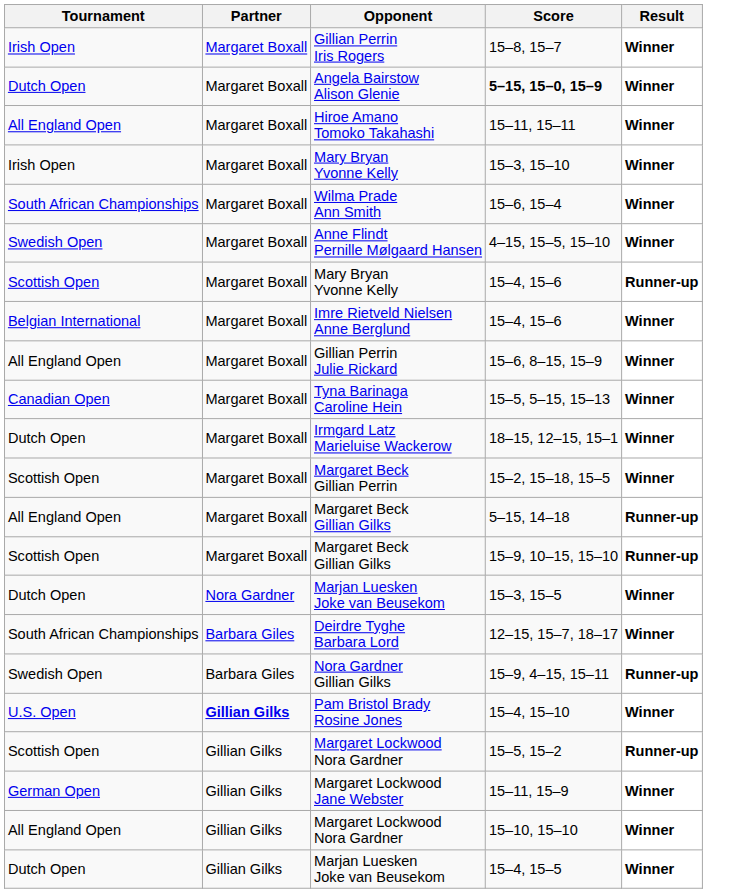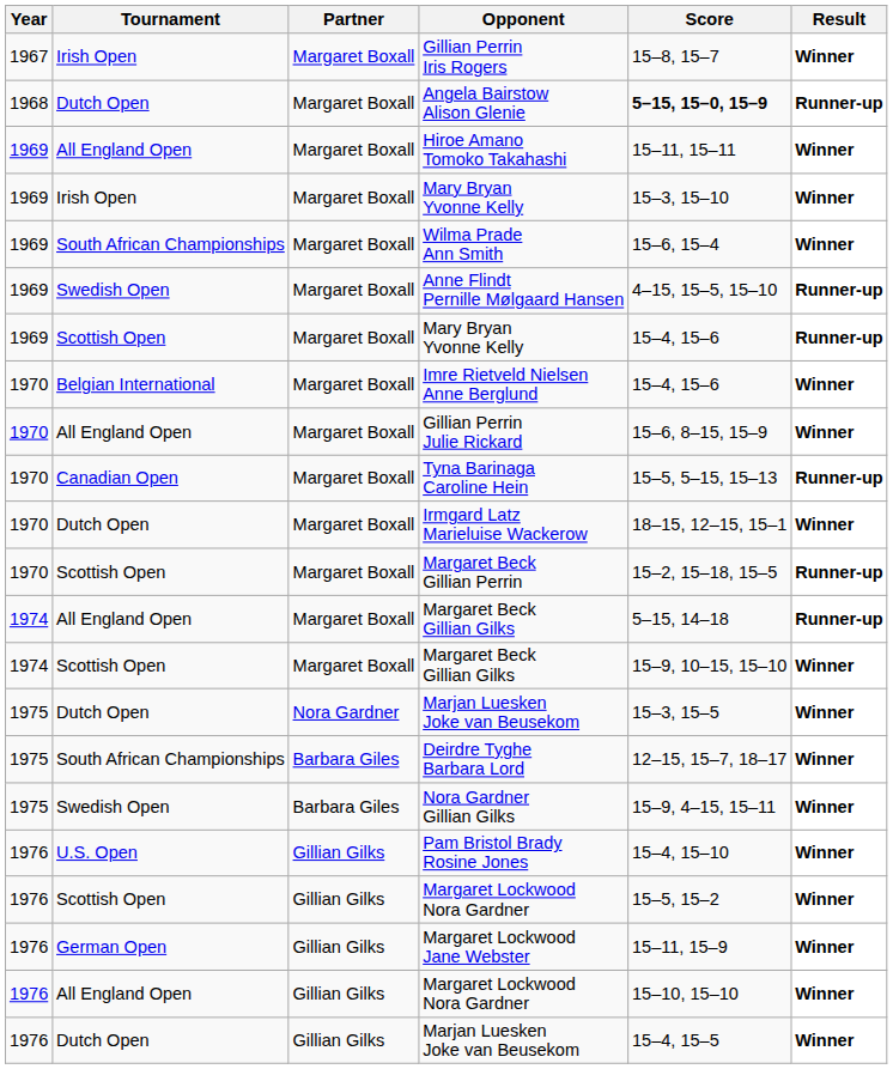 <table class="sortable wikitable" style="font-size: 90%;">
 <tr>
+<th>Year</th>
 <th>Tournament</th>
 <th>Partner</th>
 <th>Opponent</th>
 <th>Score</th>
 <th>Result</th>
 </tr>
 <tr>
+<td align="center">1967</td>
 <td align="left"><a href='#'>Irish Open</a></td>
 <td align="left"> <a href='#'>Margaret Boxall</a></td>
 <td align="left"> <a href='#'>Gillian Perrin</a> <br>  <a href='#'>Iris Rogers</a></td>
 <td align="left">15–8, 15–7</td>
 <td style="text-align:left; background:white"> <strong>Winner</strong></td>
 </tr>
 <tr>
+<td align="center">1968</td>
 <td align="left"><a href='#'>Dutch Open</a></td>
 <td align="left"> Margaret Boxall</td>
 <td align="left"> <a href='#'>Angela Bairstow</a> <br>  <a href='#'>Alison Glenie</a></td>
 <td align="left"><strong>5–15, 15–0, 15–9</strong></td>
-<td style="text-align:left; background:white"> <strong>Winner</strong></td>
+<td style="text-align:left; background:white"> <strong>Runner-up</strong></td>
 </tr>
 <tr>
+<td align="center"><a href='#'>1969</a></td>
 <td align="left"><a href='#'>All England Open</a></td>
 <td align="left"> Margaret Boxall</td>
 <td align="left"> <a href='#'>Hiroe Amano</a> <br>  <a href='#'>Tomoko Takahashi</a></td>
 <td align="left">15–11, 15–11</td>
 <td style="text-align:left; background:white"> <strong>Winner</strong></td>
 </tr>
 <tr>
+<td align="center">1969</td>
 <td align="left">Irish Open</td>
 <td align="left"> Margaret Boxall</td>
 <td align="left"> <a href='#'>Mary Bryan</a> <br>  <a href='#'>Yvonne Kelly</a></td>
 <td align="left">15–3, 15–10</td>
 <td style="text-align:left; background:white"> <strong>Winner</strong></td>
 </tr>
 <tr>
+<td align="center">1969</td>
 <td align="left"><a href='#'>South African Championships</a></td>
 <td align="left"> Margaret Boxall</td>
 <td align="left"> <a href='#'>Wilma Prade</a> <br>  <a href='#'>Ann Smith</a></td>
 <td align="left">15–6, 15–4</td>
 <td style="text-align:left; background:white"> <strong>Winner</strong></td>
 </tr>
 <tr>
+<td align="center">1969</td>
 <td align="left"><a href='#'>Swedish Open</a></td>
 <td align="left"> Margaret Boxall</td>
 <td align="left"> <a href='#'>Anne Flindt</a> <br>  <a href='#'>Pernille Mølgaard Hansen</a></td>
 <td align="left">4–15, 15–5, 15–10</td>
-<td style="text-align:left; background:white"> <strong>Winner</strong></td>
+<td style="text-align:left; background:white"> <strong>Runner-up</strong></td>
 </tr>
 <tr>
+<td align="center">1969</td>
 <td align="left"><a href='#'>Scottish Open</a></td>
 <td align="left"> Margaret Boxall</td>
 <td align="left"> Mary Bryan <br>  Yvonne Kelly</td>
 <td align="left">15–4, 15–6</td>
 <td style="text-align:left; background:white"> <strong>Runner-up</strong></td>
 </tr>
 <tr>
+<td align="center">1970</td>
 <td align="left"><a href='#'>Belgian International</a></td>
 <td align="left"> Margaret Boxall</td>
 <td align="left"> <a href='#'>Imre Rietveld Nielsen</a><br> <a href='#'>Anne Berglund</a></td>
 <td align="left">15–4, 15–6</td>
 <td style="text-align:left; background:white"> <strong>Winner</strong></td>
 </tr>
 <tr>
+<td align="center"><a href='#'>1970</a></td>
 <td align="left">All England Open</td>
 <td align="left"> Margaret Boxall</td>
 <td align="left"> Gillian Perrin <br>  <a href='#'>Julie Rickard</a></td>
 <td align="left">15–6, 8–15, 15–9</td>
 <td style="text-align:left; background:white"> <strong>Winner</strong></td>
 </tr>
 <tr>
+<td align="center">1970</td>
 <td align="left"><a href='#'>Canadian Open</a></td>
 <td align="left"> Margaret Boxall</td>
 <td align="left"> <a href='#'>Tyna Barinaga</a> <br>  <a href='#'>Caroline Hein</a></td>
 <td align="left">15–5, 5–15, 15–13</td>
-<td style="text-align:left; background:white"> <strong>Winner</strong></td>
+<td style="text-align:left; background:white"> <strong>Runner-up</strong></td>
 </tr>
 <tr>
+<td align="center">1970</td>
 <td align="left">Dutch Open</td>
 <td align="left"> Margaret Boxall</td>
 <td align="left"> <a href='#'>Irmgard Latz</a> <br>  <a href='#'>Marieluise Wackerow</a></td>
 <td align="left">18–15, 12–15, 15–1</td>
 <td style="text-align:left; background:white"> <strong>Winner</strong></td>
 </tr>
 <tr>
+<td align="center">1970</td>
 <td align="left">Scottish Open</td>
 <td align="left"> Margaret Boxall</td>
 <td align="left"> <a href='#'>Margaret Beck</a> <br>  Gillian Perrin</td>
 <td align="left">15–2, 15–18, 15–5</td>
-<td style="text-align:left; background:white"> <strong>Winner</strong></td>
+<td style="text-align:left; background:white"> <strong>Runner-up</strong></td>
 </tr>
 <tr>
+<td align="center"><a href='#'>1974</a></td>
 <td align="left">All England Open</td>
 <td align="left"> Margaret Boxall</td>
 <td align="left"> Margaret Beck <br>  <a href='#'>Gillian Gilks</a></td>
 <td align="left">5–15, 14–18</td>
 <td style="text-align:left; background:white"> <strong>Runner-up</strong></td>
 </tr>
 <tr>
+<td align="center">1974</td>
 <td align="left">Scottish Open</td>
 <td align="left"> Margaret Boxall</td>
 <td align="left"> Margaret Beck <br>  Gillian Gilks</td>
 <td align="left">15–9, 10–15, 15–10</td>
-<td style="text-align:left; background:white"> <strong>Runner-up</strong></td>
+<td style="text-align:left; background:white"> <strong>Winner</strong></td>
 </tr>
 <tr>
+<td align="center">1975</td>
 <td align="left">Dutch Open</td>
 <td align="left"> <a href='#'>Nora Gardner</a></td>
 <td align="left"> <a href='#'>Marjan Luesken</a> <br>  <a href='#'>Joke van Beusekom</a></td>
 <td align="left">15–3, 15–5</td>
 <td style="text-align:left; background:white"> <strong>Winner</strong></td>
 </tr>
 <tr>
+<td align="center">1975</td>
 <td align="left">South African Championships</td>
 <td align="left"> <a href='#'>Barbara Giles</a></td>
 <td align="left"> <a href='#'>Deirdre Tyghe</a> <br>  <a href='#'>Barbara Lord</a></td>
 <td align="left">12–15, 15–7, 18–17</td>
 <td style="text-align:left; background:white"> <strong>Winner</strong></td>
 </tr>
 <tr>
+<td align="center">1975</td>
 <td align="left">Swedish Open</td>
 <td align="left"> Barbara Giles</td>
 <td align="left"> <a href='#'>Nora Gardner</a> <br>  Gillian Gilks</td>
 <td align="left">15–9, 4–15, 15–11</td>
-<td style="text-align:left; background:white"> <strong>Runner-up</strong></td>
+<td style="text-align:left; background:white"> <strong>Winner</strong></td>
 </tr>
 <tr>
+<td align="center">1976</td>
 <td align="left"><a href='#'>U.S. Open</a></td>
-<td align="left"><strong> <a href='#'>Gillian Gilks</a></strong></td>
+<td align="left"> <a href='#'>Gillian Gilks</a></td>
 <td align="left"> <a href='#'>Pam Bristol Brady</a><br> <a href='#'>Rosine Jones</a></td>
 <td align="left">15–4, 15–10</td>
 <td style="text-align:left; background:white"> <strong>Winner</strong></td>
 </tr>
 <tr>
+<td align="center">1976</td>
 <td align="left">Scottish Open</td>
 <td align="left"> Gillian Gilks</td>
 <td align="left"> <a href='#'>Margaret Lockwood</a> <br>  Nora Gardner</td>
 <td align="left">15–5, 15–2</td>
-<td style="text-align:left; background:white"> <strong>Runner-up</strong></td>
+<td style="text-align:left; background:white"> <strong>Winner</strong></td>
 </tr>
 <tr>
+<td align="center">1976</td>
 <td align="left"><a href='#'>German Open</a></td>
 <td align="left"> Gillian Gilks</td>
 <td align="left"> Margaret Lockwood <br>  <a href='#'>Jane Webster</a></td>
 <td align="left">15–11, 15–9</td>
 <td style="text-align:left; background:white"> <strong>Winner</strong></td>
 </tr>
 <tr>
+<td align="center"><a href='#'>1976</a></td>
 <td align="left">All England Open</td>
 <td align="left"> Gillian Gilks</td>
 <td align="left"> Margaret Lockwood <br>  Nora Gardner</td>
 <td align="left">15–10, 15–10</td>
 <td style="text-align:left; background:white"> <strong>Winner</strong></td>
 </tr>
 <tr>
+<td align="center">1976</td>
 <td align="left">Dutch Open</td>
 <td align="left"> Gillian Gilks</td>
 <td align="left"> Marjan Luesken <br>  Joke van Beusekom</td>
 <td align="left">15–4, 15–5</td>
 <td style="text-align:left; background:white"> <strong>Winner</strong></td>
 </tr>
 </table>
